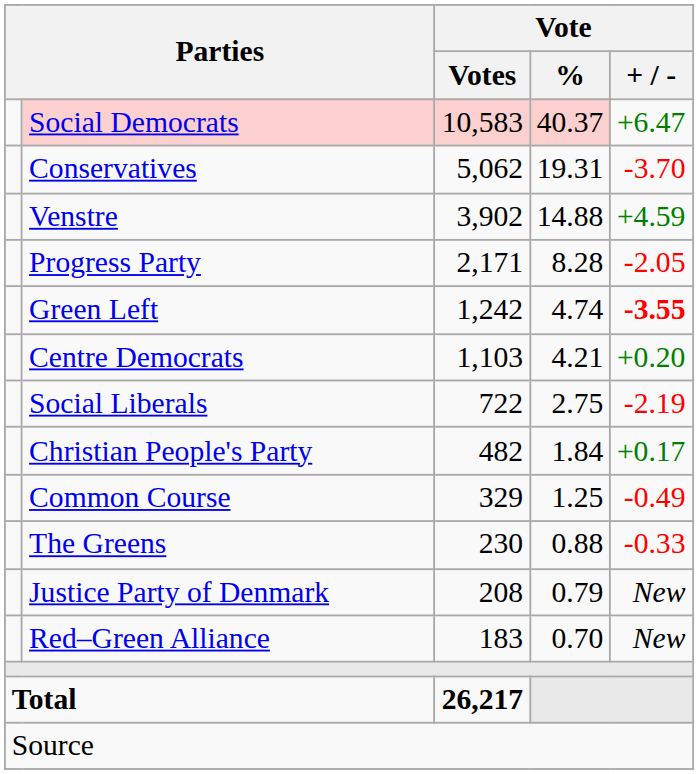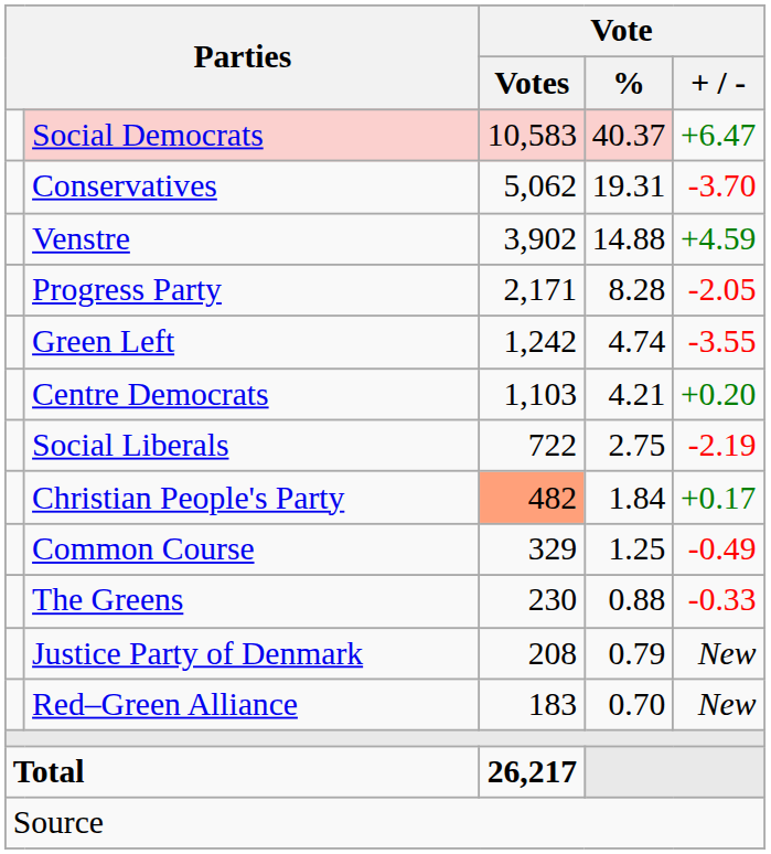 <table class="wikitable" style="text-align:right;">
 <tr>
 <th style="text-align:centre;" rowspan="2" colspan="2" width="225">Parties</th>
 <th colspan="3">Vote</th>
 </tr>
 <tr>
 <th width="15">Votes</th>
 <th width="15">%</th>
 <th width="15">+ / -</th>
 </tr>
 <tr>
 <td width="2" style="color:inherit;background:"></td>
 <td bgcolor=#fbd0ce  align="left"><a href='#'>Social Democrats</a></td>
 <td bgcolor=#fbd0ce>10,583</td>
 <td bgcolor=#fbd0ce>40.37</td>
 <td style=color:green;>+6.47</td>
 </tr>
 <tr>
 <td width="2" style="color:inherit;background:"></td>
 <td align="left"><a href='#'>Conservatives</a></td>
 <td>5,062</td>
 <td>19.31</td>
 <td style=color:red;>-3.70</td>
 </tr>
 <tr>
 <td width="2" style="color:inherit;background:"></td>
 <td align="left"><a href='#'>Venstre</a></td>
 <td>3,902</td>
 <td>14.88</td>
 <td style=color:green;>+4.59</td>
 </tr>
 <tr>
 <td width="2" style="color:inherit;background:"></td>
 <td align="left"><a href='#'>Progress Party</a></td>
 <td>2,171</td>
 <td>8.28</td>
 <td style=color:red;>-2.05</td>
 </tr>
 <tr>
 <td width="2" style="color:inherit;background:"></td>
 <td align="left"><a href='#'>Green Left</a></td>
 <td>1,242</td>
 <td>4.74</td>
-<td style=color:red;><strong>-3.55</strong></td>
+<td style=color:red;>-3.55</td>
 </tr>
 <tr>
 <td width="2" style="color:inherit;background:"></td>
 <td align="left"><a href='#'>Centre Democrats</a></td>
 <td>1,103</td>
 <td>4.21</td>
 <td style=color:green;>+0.20</td>
 </tr>
 <tr>
 <td width="2" style="color:inherit;background:"></td>
 <td align="left"><a href='#'>Social Liberals</a></td>
 <td>722</td>
 <td>2.75</td>
 <td style=color:red;>-2.19</td>
 </tr>
 <tr>
 <td width="2" style="color:inherit;background:"></td>
 <td align="left"><a href='#'>Christian People's Party</a></td>
-<td>482</td>
+<td style="background: lightsalmon;">482</td>
 <td>1.84</td>
 <td style=color:green;>+0.17</td>
 </tr>
 <tr>
 <td width="2" style="color:inherit;background:"></td>
 <td align="left"><a href='#'>Common Course</a></td>
 <td>329</td>
 <td>1.25</td>
 <td style=color:red;>-0.49</td>
 </tr>
 <tr>
 <td width="2" style="color:inherit;background:"></td>
 <td align="left"><a href='#'>The Greens</a></td>
 <td>230</td>
 <td>0.88</td>
 <td style=color:red;>-0.33</td>
 </tr>
 <tr>
 <td width="2" style="color:inherit;background:"></td>
 <td align="left"><a href='#'>Justice Party of Denmark</a></td>
 <td>208</td>
 <td>0.79</td>
 <td><em>New</em></td>
 </tr>
 <tr>
 <td width="2" style="color:inherit;background:"></td>
 <td align="left"><a href='#'>Red–Green Alliance</a></td>
 <td>183</td>
 <td>0.70</td>
 <td><em>New</em></td>
 </tr>
 <tr>
 <td colspan="7" bgcolor="#E9E9E9"></td>
 </tr>
 <tr>
 <td align="left" colspan="2"><strong>Total</strong></td>
 <td><strong>26,217</strong></td>
 <td bgcolor="#E9E9E9" colspan="2"></td>
 </tr>
 <tr>
 <td align="left" colspan="6">Source</td>
 </tr>
 </table>
